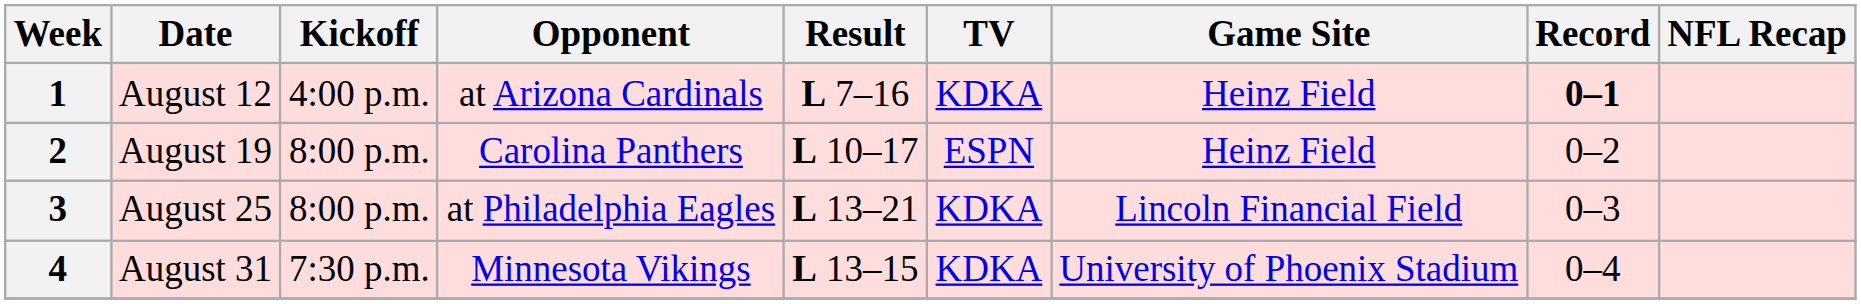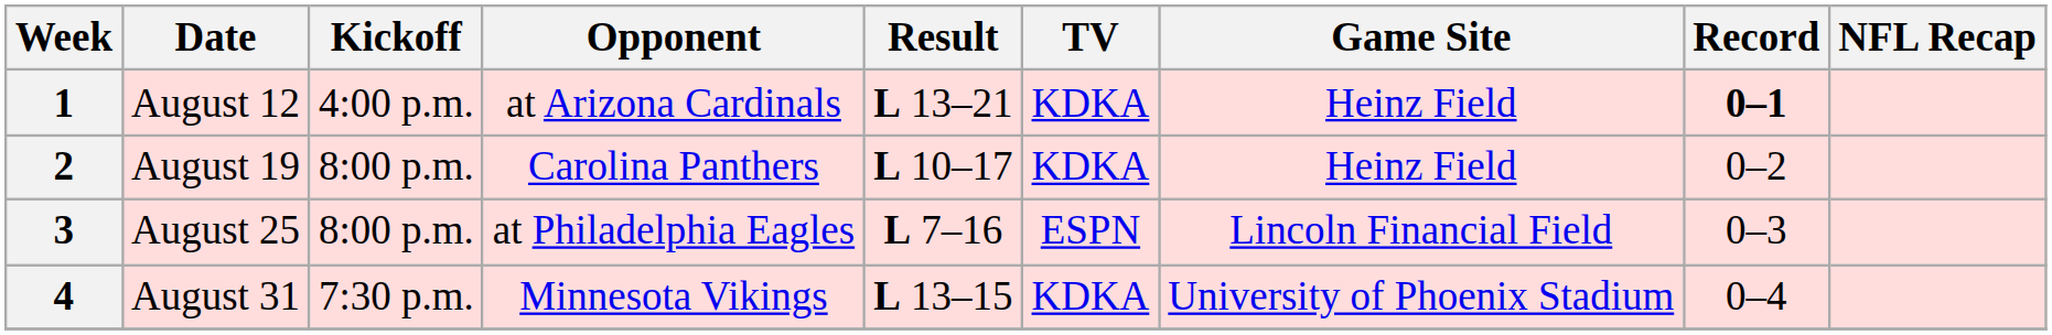 <table class="wikitable" style="text-align:center">
 <tr>
 <th>Week</th>
 <th>Date</th>
 <th>Kickoff </th>
 <th>Opponent</th>
 <th>Result</th>
 <th>TV</th>
 <th>Game Site</th>
 <th>Record</th>
 <th>NFL Recap</th>
 </tr>
 <tr style="background: #ffdddd;">
 <th>1</th>
 <td>August 12</td>
 <td>4:00 p.m.</td>
 <td>at <a href='#'>Arizona Cardinals</a></td>
-<td><strong>L</strong> 7–16</td>
+<td><strong>L</strong> 13–21</td>
 <td><a href='#'>KDKA</a></td>
 <td><a href='#'>Heinz Field</a></td>
 <td><strong>0–1</strong></td>
 <td></td>
 </tr>
 <tr style="background: #ffdddd;">
 <th>2</th>
 <td>August 19</td>
 <td>8:00 p.m.</td>
 <td><a href='#'>Carolina Panthers</a></td>
 <td><strong>L</strong> 10–17</td>
-<td><a href='#'>ESPN</a></td>
+<td><a href='#'>KDKA</a></td>
 <td><a href='#'>Heinz Field</a></td>
 <td>0–2</td>
 <td></td>
 </tr>
 <tr style="background: #ffdddd;">
 <th>3</th>
 <td>August 25</td>
 <td>8:00 p.m.</td>
 <td>at <a href='#'>Philadelphia Eagles</a></td>
-<td><strong>L</strong> 13–21</td>
-<td><a href='#'>KDKA</a></td>
+<td><strong>L</strong> 7–16</td>
+<td><a href='#'>ESPN</a></td>
 <td><a href='#'>Lincoln Financial Field</a></td>
 <td>0–3</td>
 <td></td>
 </tr>
 <tr style="background: #ffdddd;">
 <th>4</th>
 <td>August 31</td>
 <td>7:30 p.m.</td>
 <td><a href='#'>Minnesota Vikings</a></td>
 <td><strong>L</strong> 13–15</td>
 <td><a href='#'>KDKA</a></td>
 <td><a href='#'>University of Phoenix Stadium</a></td>
 <td>0–4</td>
 <td></td>
 </tr>
 <tr style="background: #ddffdd;">
 </tr>
 </table>
